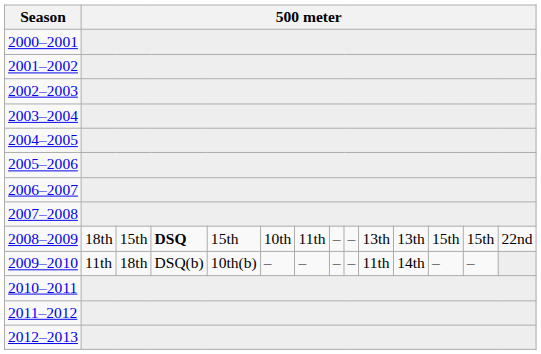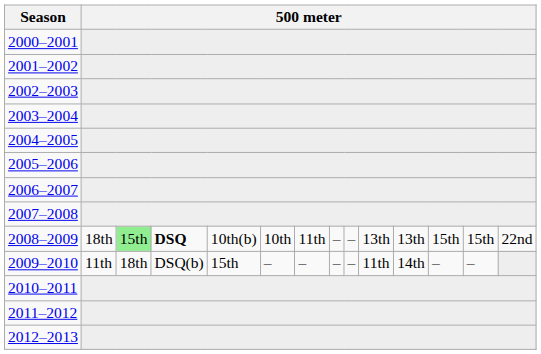 <table class="wikitable" style="display: inline-table;">
 <tr>
 <th>Season</th>
 <th colspan="13">500 meter</th>
 </tr>
 <tr>
 <td><a href='#'>2000–2001</a></td>
 <td colspan="13" bgcolor=#EEEEEE></td>
 </tr>
 <tr>
 <td><a href='#'>2001–2002</a></td>
 <td colspan="13" bgcolor=#EEEEEE></td>
 </tr>
 <tr>
 <td><a href='#'>2002–2003</a></td>
 <td colspan="13" bgcolor=#EEEEEE></td>
 </tr>
 <tr>
 <td><a href='#'>2003–2004</a></td>
 <td colspan="13" bgcolor=#EEEEEE></td>
 </tr>
 <tr>
 <td><a href='#'>2004–2005</a></td>
 <td colspan="13" bgcolor=#EEEEEE></td>
 </tr>
 <tr>
 <td><a href='#'>2005–2006</a></td>
 <td colspan="13" bgcolor=#EEEEEE></td>
 </tr>
 <tr>
 <td><a href='#'>2006–2007</a></td>
 <td colspan="13" bgcolor=#EEEEEE></td>
 </tr>
 <tr>
 <td><a href='#'>2007–2008</a></td>
 <td colspan="13" bgcolor=#EEEEEE></td>
 </tr>
 <tr>
 <td><a href='#'>2008–2009</a></td>
 <td>18th</td>
-<td>15th</td>
+<td style="background: lightgreen;">15th</td>
 <td><strong>DSQ</strong></td>
-<td>15th</td>
+<td>10th(b)</td>
 <td>10th</td>
 <td>11th</td>
 <td>–</td>
 <td>–</td>
 <td>13th</td>
 <td>13th</td>
 <td>15th</td>
 <td>15th</td>
 <td>22nd</td>
 </tr>
 <tr>
 <td><a href='#'>2009–2010</a></td>
 <td>11th</td>
 <td>18th</td>
 <td>DSQ(b)</td>
-<td>10th(b)</td>
+<td>15th</td>
 <td>–</td>
 <td>–</td>
 <td>–</td>
 <td>–</td>
 <td>11th</td>
 <td>14th</td>
 <td>–</td>
 <td>–</td>
 <td colspan="1" bgcolor=#EEEEEE></td>
 </tr>
 <tr>
 <td><a href='#'>2010–2011</a></td>
 <td colspan="13" bgcolor=#EEEEEE></td>
 </tr>
 <tr>
 <td><a href='#'>2011–2012</a></td>
 <td colspan="13" bgcolor=#EEEEEE></td>
 </tr>
 <tr>
 <td><a href='#'>2012–2013</a></td>
 <td colspan="13" bgcolor=#EEEEEE></td>
 </tr>
 </table>
